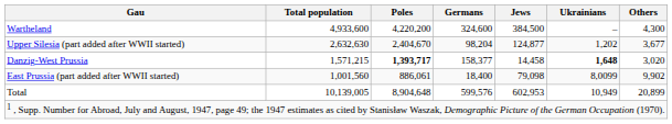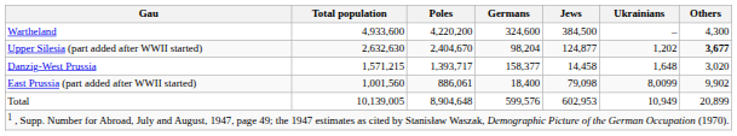 <table class="wikitable" style="font-size: 90%;">
 <tr>
 <th>Gau</th>
 <th>Total population</th>
 <th>Poles</th>
 <th>Germans</th>
 <th>Jews</th>
 <th>Ukrainians</th>
 <th>Others</th>
 </tr>
 <tr style="text-align:right; background:white;">
 <td style="text-align:left;"><a href='#'>Wartheland</a></td>
 <td>4,933,600</td>
 <td>4,220,200</td>
 <td>324,600</td>
 <td>384,500</td>
 <td>–</td>
 <td>4,300</td>
 </tr>
 <tr style="text-align:right;">
 <td style="text-align:left;"><a href='#'>Upper Silesia</a> (part added after WWII started)</td>
 <td>2,632,630</td>
 <td>2,404,670</td>
 <td>98,204</td>
 <td>124,877</td>
 <td>1,202</td>
-<td>3,677</td>
+<td><strong>3,677</strong></td>
 </tr>
 <tr style="text-align:right; background:white;">
 <td style="text-align:left;"><a href='#'>Danzig-West Prussia</a></td>
 <td>1,571,215</td>
-<td><strong>1,393,717</strong></td>
+<td>1,393,717</td>
 <td>158,377</td>
 <td>14,458</td>
-<td><strong>1,648</strong></td>
+<td>1,648</td>
 <td>3,020</td>
 </tr>
 <tr style="text-align:right;">
 <td style="text-align:left;"><a href='#'>East Prussia</a> (part added after WWII started)</td>
 <td>1,001,560</td>
 <td>886,061</td>
 <td>18,400</td>
 <td>79,098</td>
 <td>8,0099</td>
 <td>9,902</td>
 </tr>
 <tr style="text-align:right; background:white;">
 <td style="text-align:left;">Total</td>
 <td>10,139,005</td>
 <td>8,904,648</td>
 <td>599,576</td>
 <td>602,953</td>
 <td>10,949</td>
 <td>20,899</td>
 </tr>
 <tr>
 <td colspan="7" style="text-align:left;"><sup>1</sup> , Supp. Number for Abroad, July and August, 1947, page 49; the 1947 estimates as cited by Stanisław Waszak, <em>Demographic Picture of the German Occupation</em> (1970).</td>
 </tr>
 </table>
